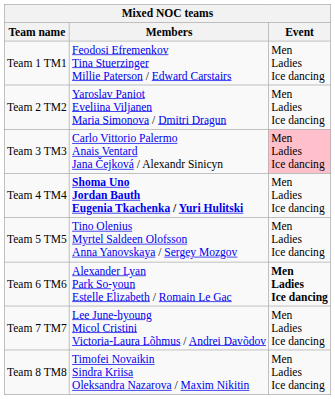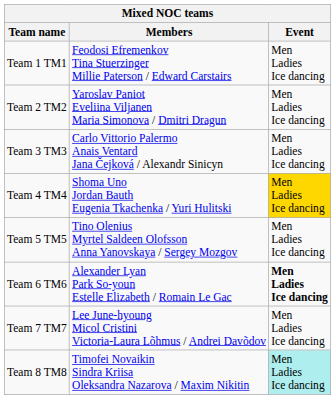 <table class="wikitable">
 <tr>
 <th colspan=6 align=center>Mixed NOC teams</th>
 </tr>
 <tr>
 <th>Team name</th>
 <th>Members</th>
 <th>Event</th>
 </tr>
 <tr>
 <td>Team 1 TM1</td>
 <td> <a href='#'>Feodosi Efremenkov</a> <br>  <a href='#'>Tina Stuerzinger</a> <br>  <a href='#'>Millie Paterson</a> / <a href='#'>Edward Carstairs</a></td>
 <td>Men <br> Ladies <br> Ice dancing</td>
 </tr>
 <tr>
 <td>Team 2 TM2</td>
 <td> <a href='#'>Yaroslav Paniot</a> <br>  <a href='#'>Eveliina Viljanen</a> <br>  <a href='#'>Maria Simonova</a> / <a href='#'>Dmitri Dragun</a></td>
 <td>Men <br> Ladies <br> Ice dancing</td>
 </tr>
 <tr>
 <td>Team 3 TM3</td>
 <td> <a href='#'>Carlo Vittorio Palermo</a> <br>  <a href='#'>Anais Ventard</a> <br>  <a href='#'>Jana Čejková</a> / Alexandr Sinicyn</td>
-<td style="background: pink;">Men <br> Ladies <br> Ice dancing</td>
+<td>Men <br> Ladies <br> Ice dancing</td>
 </tr>
 <tr>
 <td>Team 4 TM4</td>
-<td><strong> <a href='#'>Shoma Uno</a>  <br>  <a href='#'>Jordan Bauth</a> <br>  <a href='#'>Eugenia Tkachenka</a> / <a href='#'>Yuri Hulitski</a></strong></td>
-<td>Men <br> Ladies <br> Ice dancing</td>
+<td> <a href='#'>Shoma Uno</a>  <br>  <a href='#'>Jordan Bauth</a> <br>  <a href='#'>Eugenia Tkachenka</a> / <a href='#'>Yuri Hulitski</a></td>
+<td style="background: gold;">Men <br> Ladies <br> Ice dancing</td>
 </tr>
 <tr>
 <td>Team 5 TM5</td>
 <td> <a href='#'>Tino Olenius</a> <br>  <a href='#'>Myrtel Saldeen Olofsson</a> <br>  <a href='#'>Anna Yanovskaya</a> / <a href='#'>Sergey Mozgov</a></td>
 <td>Men <br> Ladies <br> Ice dancing</td>
 </tr>
 <tr>
 <td>Team 6 TM6</td>
 <td> <a href='#'>Alexander Lyan</a> <br>  <a href='#'>Park So-youn</a> <br>  <a href='#'>Estelle Elizabeth</a> / <a href='#'>Romain Le Gac</a></td>
 <td><strong>Men <br> Ladies <br> Ice dancing</strong></td>
 </tr>
 <tr>
 <td>Team 7 TM7</td>
 <td> <a href='#'>Lee June-hyoung</a> <br>  <a href='#'>Micol Cristini</a> <br>  <a href='#'>Victoria-Laura Lõhmus</a> / <a href='#'>Andrei Davõdov</a></td>
 <td>Men <br> Ladies <br> Ice dancing</td>
 </tr>
 <tr>
 <td>Team 8 TM8</td>
 <td> <a href='#'>Timofei Novaikin</a> <br>  <a href='#'>Sindra Kriisa</a> <br>  <a href='#'>Oleksandra Nazarova</a> / <a href='#'>Maxim Nikitin</a></td>
-<td>Men <br> Ladies <br> Ice dancing</td>
+<td style="background: paleturquoise;">Men <br> Ladies <br> Ice dancing</td>
 </tr>
 </table>
